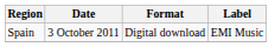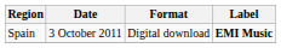 <table class=wikitable>
 <tr>
 <th>Region</th>
 <th>Date</th>
 <th>Format</th>
 <th>Label</th>
 </tr>
 <tr>
 <td>Spain</td>
 <td>3 October 2011</td>
 <td>Digital download</td>
-<td>EMI Music</td>
+<td><strong>EMI Music</strong></td>
 </tr>
 <tr>
 </tr>
 </table>
